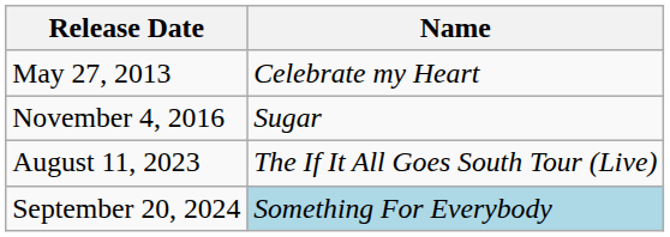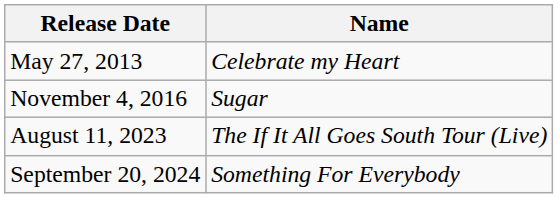 <table class="wikitable">
 <tr>
 <th>Release Date</th>
 <th>Name</th>
 </tr>
 <tr>
 <td>May 27, 2013</td>
 <td><em>Celebrate my Heart</em></td>
 </tr>
 <tr>
 <td>November 4, 2016</td>
 <td><em>Sugar</em></td>
 </tr>
 <tr>
 <td>August 11, 2023</td>
 <td><em>The If It All Goes South Tour (Live)</em></td>
 </tr>
 <tr>
 <td>September 20, 2024</td>
-<td style="background: lightblue;"><em>Something For Everybody</em></td>
+<td><em>Something For Everybody</em></td>
 </tr>
 </table>
